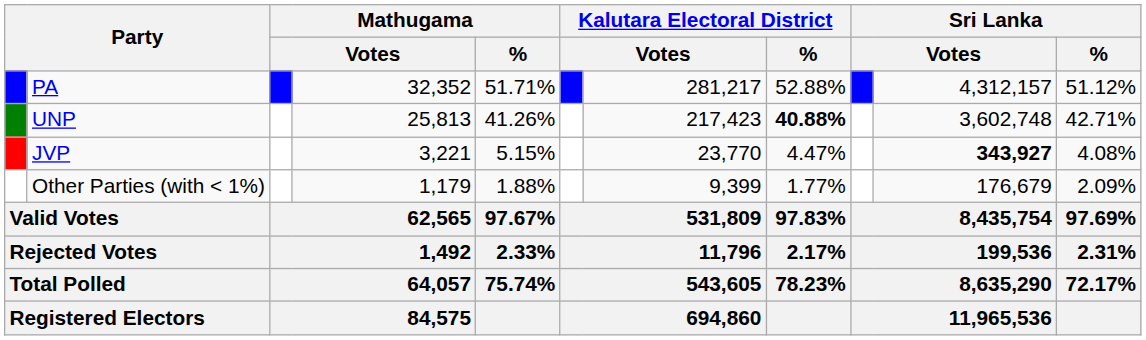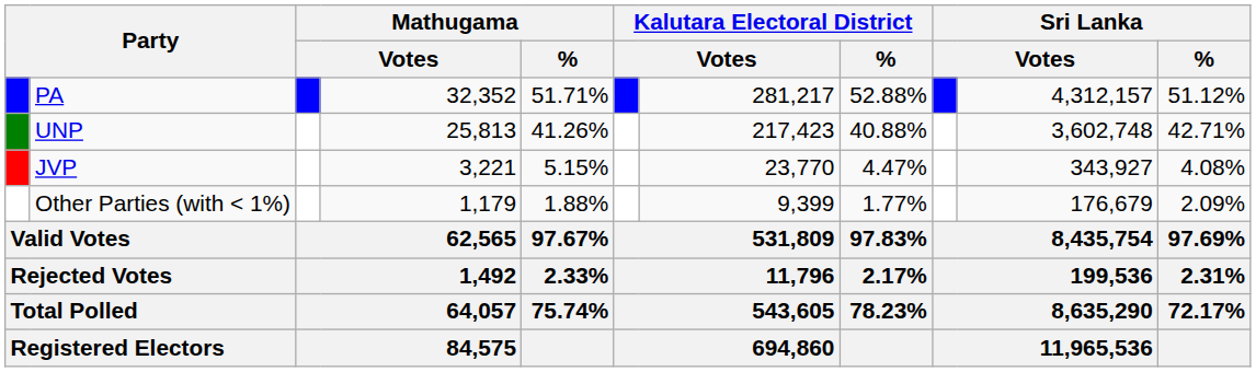 <table class="wikitable">
 <tr>
 <th colspan="2" width="144px"rowspan="2">Party</th>
 <th colspan="3" width="216px">Mathugama</th>
 <th colspan="3" width="216px"><a href='#'>Kalutara Electoral District</a></th>
 <th colspan="3" width="216px">Sri Lanka</th>
 </tr>
 <tr>
 <th colspan="2" width="144px">Votes</th>
 <th>%</th>
 <th colspan="2" width="144px">Votes</th>
 <th>%</th>
 <th colspan="2" width="144px">Votes</th>
 <th>%</th>
 </tr>
 <tr>
 <td style="background-color:blue;" width="10px"></td>
 <td style="text-align:left;"><a href='#'>PA</a></td>
 <td style="background-color:blue;" width="10px"></td>
 <td style="text-align:right;">32,352</td>
 <td style="text-align:right;">51.71%</td>
 <td style="background-color:blue;" width="10px"></td>
 <td style="text-align:right;">281,217</td>
 <td style="text-align:right;">52.88%</td>
 <td style="background-color:blue;" width="10px"></td>
 <td style="text-align:right;">4,312,157</td>
 <td style="text-align:right;">51.12%</td>
 </tr>
 <tr>
 <td style="background-color:green;" width="10px"></td>
 <td style="text-align:left;"><a href='#'>UNP</a></td>
 <td style="background-color:white;" width="10px"></td>
 <td style="text-align:right;">25,813</td>
 <td style="text-align:right;">41.26%</td>
 <td style="background-color:white;" width="10px"></td>
 <td style="text-align:right;">217,423</td>
-<td style="text-align:right;"><strong>40.88%</strong></td>
+<td style="text-align:right;">40.88%</td>
 <td style="background-color:white;" width="10px"></td>
 <td style="text-align:right;">3,602,748</td>
 <td style="text-align:right;">42.71%</td>
 </tr>
 <tr>
 <td style="background-color:red;" width="10px"></td>
 <td style="text-align:left;"><a href='#'>JVP</a></td>
 <td style="background-color:white;" width="10px"></td>
 <td style="text-align:right;">3,221</td>
 <td style="text-align:right;">5.15%</td>
 <td style="background-color:white;" width="10px"></td>
 <td style="text-align:right;">23,770</td>
 <td style="text-align:right;">4.47%</td>
 <td style="background-color:white;" width="10px"></td>
-<td style="text-align:right;"><strong>343,927</strong></td>
+<td style="text-align:right;">343,927</td>
 <td style="text-align:right;">4.08%</td>
 </tr>
 <tr>
 <td style="background-color:white;" width="10px"></td>
 <td style="text-align:left;">Other Parties (with < 1%)</td>
 <td style="background-color:white;" width="10px"></td>
 <td style="text-align:right;">1,179</td>
 <td style="text-align:right;">1.88%</td>
 <td style="background-color:white;" width="10px"></td>
 <td style="text-align:right;">9,399</td>
 <td style="text-align:right;">1.77%</td>
 <td style="background-color:white;" width="10px"></td>
 <td style="text-align:right;">176,679</td>
 <td style="text-align:right;">2.09%</td>
 </tr>
 <tr>
 <th colspan="2" width="144px"style="text-align:left;">Valid Votes</th>
 <th style="text-align:right;"colspan="2" width="144px">62,565</th>
 <th style="text-align:right;">97.67%</th>
 <th style="text-align:right;"colspan="2" width="144px">531,809</th>
 <th style="text-align:right;">97.83%</th>
 <th style="text-align:right;"colspan="2" width="144px">8,435,754</th>
 <th style="text-align:right;">97.69%</th>
 </tr>
 <tr>
 <th colspan="2" width="144px"style="text-align:left;">Rejected Votes</th>
 <th style="text-align:right;"colspan="2" width="144px">1,492</th>
 <th style="text-align:right;">2.33%</th>
 <th style="text-align:right;"colspan="2" width="144px">11,796</th>
 <th style="text-align:right;">2.17%</th>
 <th style="text-align:right;"colspan="2" width="144px">199,536</th>
 <th style="text-align:right;">2.31%</th>
 </tr>
 <tr>
 <th colspan="2" width="144px"style="text-align:left;">Total Polled</th>
 <th style="text-align:right;"colspan="2" width="144px">64,057</th>
 <th style="text-align:right;">75.74%</th>
 <th style="text-align:right;"colspan="2" width="144px">543,605</th>
 <th style="text-align:right;">78.23%</th>
 <th style="text-align:right;"colspan="2" width="144px">8,635,290</th>
 <th style="text-align:right;">72.17%</th>
 </tr>
 <tr>
 <th colspan="2" width="144px"style="text-align:left;">Registered Electors</th>
 <th style="text-align:right;"colspan="2" width="144px">84,575</th>
 <th></th>
 <th style="text-align:right;"colspan="2" width="144px">694,860</th>
 <th></th>
 <th style="text-align:right;"colspan="2" width="144px">11,965,536</th>
 <th></th>
 </tr>
 </table>
